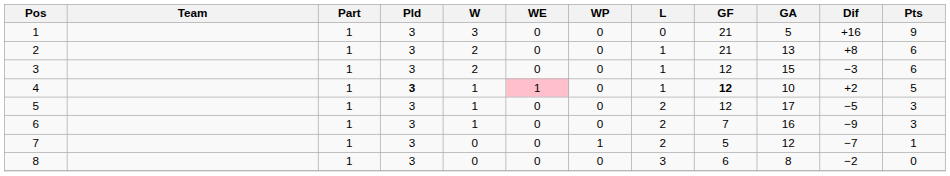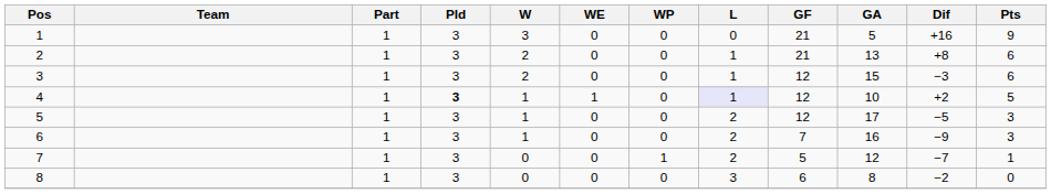 <table class="wikitable sortable" width=65% style="text-align:center">
 <tr>
 <th width=5%>Pos</th>
 <th width=20%>Team</th>
 <th width=5%>Part</th>
 <th width=5%>Pld</th>
 <th width=5%>W</th>
 <th width=5%>WE</th>
 <th width=5%>WP</th>
 <th width=5%>L</th>
 <th width=5%>GF</th>
 <th width=5%>GA</th>
 <th width=5%>Dif</th>
 <th width=5%>Pts</th>
 </tr>
 <tr>
 <td>1</td>
 <td style="text-align:left;"></td>
 <td>1</td>
 <td>3</td>
 <td>3</td>
 <td>0</td>
 <td>0</td>
 <td>0</td>
 <td>21</td>
 <td>5</td>
 <td>+16</td>
 <td>9</td>
 </tr>
 <tr>
 <td>2</td>
 <td style="text-align:left;"></td>
 <td>1</td>
 <td>3</td>
 <td>2</td>
 <td>0</td>
 <td>0</td>
 <td>1</td>
 <td>21</td>
 <td>13</td>
 <td>+8</td>
 <td>6</td>
 </tr>
 <tr>
 <td>3</td>
 <td style="text-align:left;"></td>
 <td>1</td>
 <td>3</td>
 <td>2</td>
 <td>0</td>
 <td>0</td>
 <td>1</td>
 <td>12</td>
 <td>15</td>
 <td>−3</td>
 <td>6</td>
 </tr>
 <tr>
 <td>4</td>
 <td style="text-align:left;"></td>
 <td>1</td>
 <td><strong>3</strong></td>
 <td>1</td>
-<td style="background: pink;">1</td>
+<td>1</td>
 <td>0</td>
-<td>1</td>
-<td><strong>12</strong></td>
+<td style="background: lavender;">1</td>
+<td>12</td>
 <td>10</td>
 <td>+2</td>
 <td>5</td>
 </tr>
 <tr>
 <td>5</td>
 <td style="text-align:left;"></td>
 <td>1</td>
 <td>3</td>
 <td>1</td>
 <td>0</td>
 <td>0</td>
 <td>2</td>
 <td>12</td>
 <td>17</td>
 <td>−5</td>
 <td>3</td>
 </tr>
 <tr>
 <td>6</td>
 <td style="text-align:left;"></td>
 <td>1</td>
 <td>3</td>
 <td>1</td>
 <td>0</td>
 <td>0</td>
 <td>2</td>
 <td>7</td>
 <td>16</td>
 <td>−9</td>
 <td>3</td>
 </tr>
 <tr>
 <td>7</td>
 <td style="text-align:left;"></td>
 <td>1</td>
 <td>3</td>
 <td>0</td>
 <td>0</td>
 <td>1</td>
 <td>2</td>
 <td>5</td>
 <td>12</td>
 <td>−7</td>
 <td>1</td>
 </tr>
 <tr>
 <td>8</td>
 <td style="text-align:left;"></td>
 <td>1</td>
 <td>3</td>
 <td>0</td>
 <td>0</td>
 <td>0</td>
 <td>3</td>
 <td>6</td>
 <td>8</td>
 <td>−2</td>
 <td>0</td>
 </tr>
 <tr>
 </tr>
 </table>
